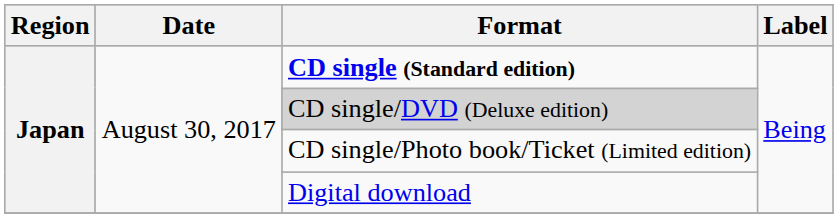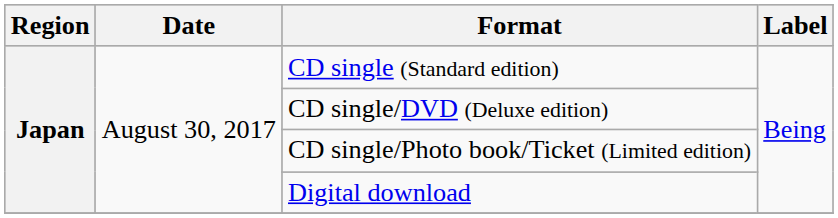 <table class="wikitable sortable plainrowheaders">
 <tr>
 <th scope="col">Region</th>
 <th scope="col">Date</th>
 <th scope="col">Format</th>
 <th scope="col">Label</th>
 </tr>
 <tr>
 <th rowspan="4">Japan</th>
 <td rowspan="4">August 30, 2017</td>
-<td><strong><a href='#'>CD single</a> <small>(Standard edition)</small></strong></td>
+<td><a href='#'>CD single</a> <small>(Standard edition)</small></td>
 <td rowspan="4"><a href='#'>Being</a></td>
 </tr>
 <tr>
-<td style="background: lightgrey;">CD single/<a href='#'>DVD</a> <small>(Deluxe edition)</small></td>
+<td>CD single/<a href='#'>DVD</a> <small>(Deluxe edition)</small></td>
 </tr>
 <tr>
 <td>CD single/Photo book/Ticket <small>(Limited edition)</small></td>
 </tr>
 <tr>
 <td><a href='#'>Digital download</a></td>
 </tr>
 <tr>
 </tr>
 </table>
